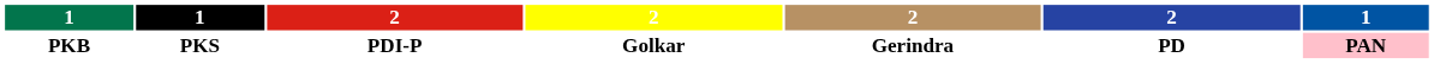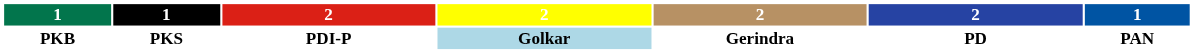 <table style="width:88%; text-align:center;">
 <tr style="color:white;">
 <td style="background:#02754C; width:9.1%;"><strong>1</strong></td>
 <td style="background:#000000; width:9.1%;"><strong>1</strong></td>
 <td style="background:#DB2016; width:18.2%;"><strong>2</strong></td>
 <td style="background:#FFFF00; width:18.2%;"><strong>2</strong></td>
 <td style="background:#B79164; width:18.2%;"><strong>2</strong></td>
 <td style="background:#2643A3; width:18.2%;"><strong>2</strong></td>
 <td style="background:#0054A3; width:9.1%;"><strong>1</strong></td>
 </tr>
 <tr>
 <td><span><strong>PKB</strong></span></td>
 <td><span><strong>PKS</strong></span></td>
 <td><span><strong>PDI-P</strong></span></td>
-<td><span><strong>Golkar</strong></span></td>
+<td style="background: lightblue;"><span><strong>Golkar</strong></span></td>
 <td><span><strong>Gerindra</strong></span></td>
 <td><span><strong>PD</strong></span></td>
-<td style="background: pink;"><span><strong>PAN</strong></span></td>
+<td><span><strong>PAN</strong></span></td>
 </tr>
 </table>
